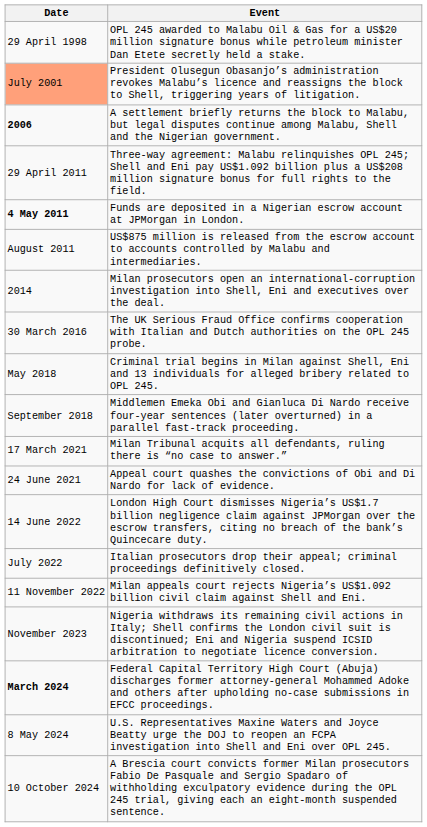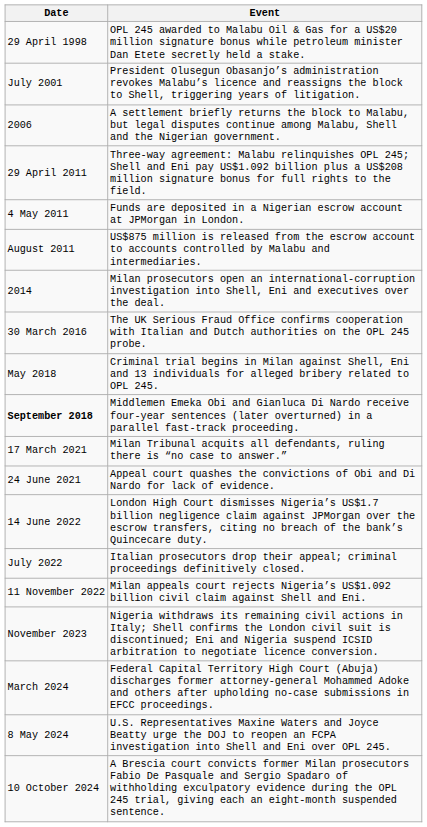 <table class="wikitable sortable" style="float: right; margin-left:1em; width: 38%; font-size: 90%;">
 <tr align=center>
 <th>Date</th>
 <th>Event</th>
 </tr>
 <tr>
 <td>29 April 1998</td>
 <td>OPL 245 awarded to Malabu Oil & Gas for a US$20 million signature bonus while petroleum minister Dan Etete secretly held a stake.</td>
 </tr>
 <tr>
-<td style="background: lightsalmon;">July 2001</td>
+<td>July 2001</td>
 <td>President Olusegun Obasanjo’s administration revokes Malabu’s licence and reassigns the block to Shell, triggering years of litigation.</td>
 </tr>
 <tr>
-<td><strong>2006</strong></td>
+<td>2006</td>
 <td>A settlement briefly returns the block to Malabu, but legal disputes continue among Malabu, Shell and the Nigerian government.</td>
 </tr>
 <tr>
 <td>29 April 2011</td>
 <td>Three-way agreement: Malabu relinquishes OPL 245; Shell and Eni pay US$1.092 billion plus a US$208 million signature bonus for full rights to the field.</td>
 </tr>
 <tr>
-<td><strong>4 May 2011</strong></td>
+<td>4 May 2011</td>
 <td>Funds are deposited in a Nigerian escrow account at JPMorgan in London.</td>
 </tr>
 <tr>
 <td>August 2011</td>
 <td>US$875 million is released from the escrow account to accounts controlled by Malabu and intermediaries.</td>
 </tr>
 <tr>
 <td>2014</td>
 <td>Milan prosecutors open an international-corruption investigation into Shell, Eni and executives over the deal.</td>
 </tr>
 <tr>
 <td>30 March 2016</td>
 <td>The UK Serious Fraud Office confirms cooperation with Italian and Dutch authorities on the OPL 245 probe.</td>
 </tr>
 <tr>
 <td>May 2018</td>
 <td>Criminal trial begins in Milan against Shell, Eni and 13 individuals for alleged bribery related to OPL 245.</td>
 </tr>
 <tr>
-<td>September 2018</td>
+<td><strong>September 2018</strong></td>
 <td>Middlemen Emeka Obi and Gianluca Di Nardo receive four-year sentences (later overturned) in a parallel fast-track proceeding.</td>
 </tr>
 <tr>
 <td>17 March 2021</td>
 <td>Milan Tribunal acquits all defendants, ruling there is “no case to answer.”</td>
 </tr>
 <tr>
 <td>24 June 2021</td>
 <td>Appeal court quashes the convictions of Obi and Di Nardo for lack of evidence.</td>
 </tr>
 <tr>
 <td>14 June 2022</td>
 <td>London High Court dismisses Nigeria’s US$1.7 billion negligence claim against JPMorgan over the escrow transfers, citing no breach of the bank’s Quincecare duty.</td>
 </tr>
 <tr>
 <td>July 2022</td>
 <td>Italian prosecutors drop their appeal; criminal proceedings definitively closed.</td>
 </tr>
 <tr>
 <td>11 November 2022</td>
 <td>Milan appeals court rejects Nigeria’s US$1.092 billion civil claim against Shell and Eni.</td>
 </tr>
 <tr>
 <td>November 2023</td>
 <td>Nigeria withdraws its remaining civil actions in Italy; Shell confirms the London civil suit is discontinued; Eni and Nigeria suspend ICSID arbitration to negotiate licence conversion.</td>
 </tr>
 <tr>
-<td><strong>March 2024</strong></td>
+<td>March 2024</td>
 <td>Federal Capital Territory High Court (Abuja) discharges former attorney-general Mohammed Adoke and others after upholding no-case submissions in EFCC proceedings.</td>
 </tr>
 <tr>
 <td>8 May 2024</td>
 <td>U.S. Representatives Maxine Waters and Joyce Beatty urge the DOJ to reopen an FCPA investigation into Shell and Eni over OPL 245.</td>
 </tr>
 <tr>
 <td>10 October 2024</td>
 <td>A Brescia court convicts former Milan prosecutors Fabio De Pasquale and Sergio Spadaro of withholding exculpatory evidence during the OPL 245 trial, giving each an eight-month suspended sentence.</td>
 </tr>
 </table>
